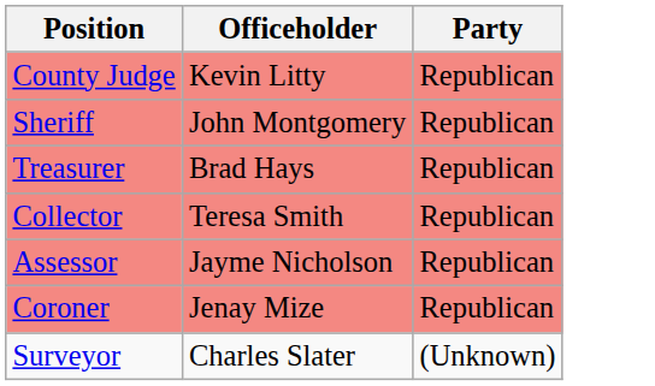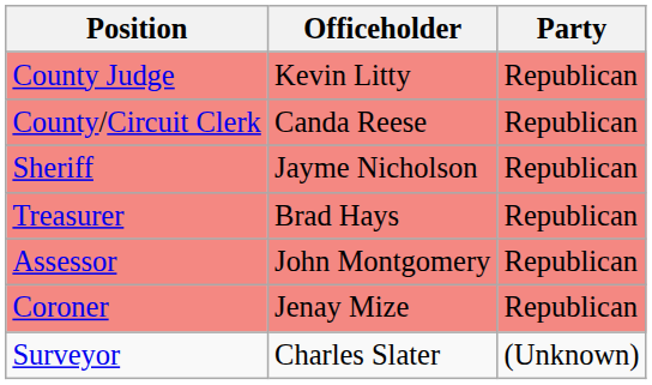 <table class="wikitable">
 <tr>
 <th>Position</th>
 <th>Officeholder</th>
 <th>Party</th>
 </tr>
 <tr style="background-color:#F48882;">
 <td><a href='#'>County Judge</a></td>
 <td>Kevin Litty</td>
 <td>Republican</td>
 </tr>
 <tr style="background-color:#F48882;">
+<td><a href='#'>County</a>/<a href='#'>Circuit Clerk</a></td>
+<td>Canda Reese</td>
+<td>Republican</td>
+</tr>
+<tr style="background-color:#F48882;">
 <td><a href='#'>Sheriff</a></td>
-<td>John Montgomery</td>
+<td>Jayme Nicholson</td>
 <td>Republican</td>
 </tr>
 <tr style="background-color:#F48882;">
 <td><a href='#'>Treasurer</a></td>
 <td>Brad Hays</td>
 <td>Republican</td>
 </tr>
 <tr style="background-color:#F48882;">
-<td><a href='#'>Collector</a></td>
-<td>Teresa Smith</td>
-<td>Republican</td>
-</tr>
-<tr style="background-color:#F48882;">
 <td><a href='#'>Assessor</a></td>
-<td>Jayme Nicholson</td>
+<td>John Montgomery</td>
 <td>Republican</td>
 </tr>
 <tr style="background-color:#F48882;">
 <td><a href='#'>Coroner</a></td>
 <td>Jenay Mize</td>
 <td>Republican</td>
 </tr>
 <tr>
 <td><a href='#'>Surveyor</a></td>
 <td>Charles Slater</td>
 <td>(Unknown)</td>
 </tr>
 </table>
